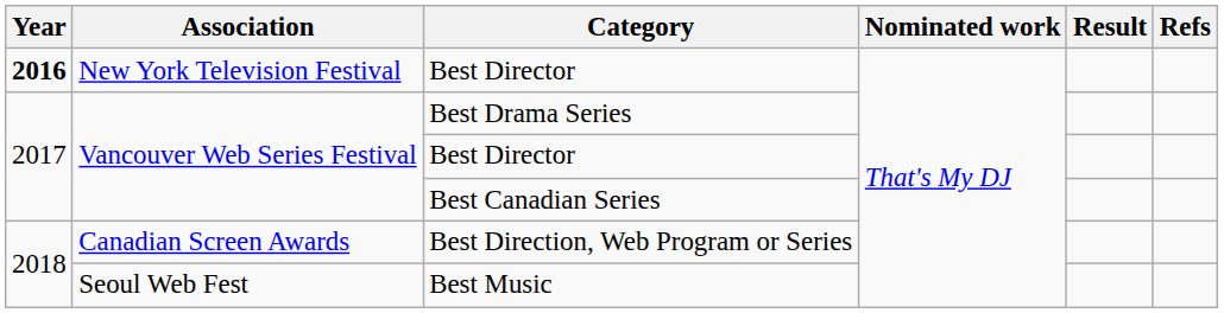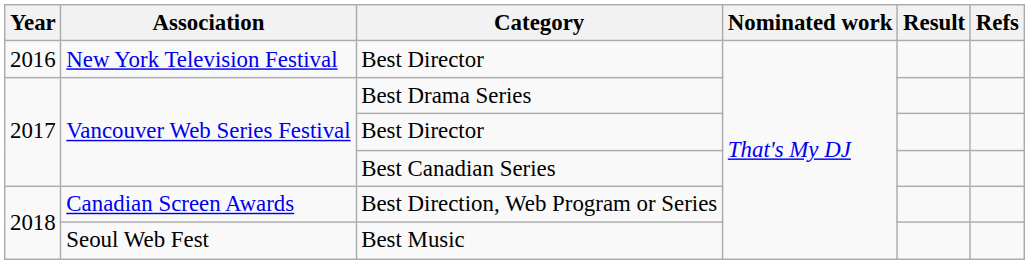 <table class="wikitable">
 <tr>
 <th>Year</th>
 <th>Association</th>
 <th>Category</th>
 <th>Nominated work</th>
 <th>Result</th>
 <th>Refs</th>
 </tr>
 <tr>
-<td><strong>2016</strong></td>
+<td>2016</td>
 <td rowspan="1"><a href='#'>New York Television Festival</a></td>
 <td>Best Director</td>
 <td rowspan="6"><em><a href='#'>That's My DJ</a></em></td>
 <td></td>
 <td></td>
 </tr>
 <tr>
 <td rowspan="3">2017</td>
 <td rowspan="3"><a href='#'>Vancouver Web Series Festival</a></td>
 <td>Best Drama Series</td>
 <td></td>
 <td></td>
 </tr>
 <tr>
 <td>Best Director</td>
 <td></td>
 <td></td>
 </tr>
 <tr>
 <td>Best Canadian Series</td>
 <td></td>
 <td></td>
 </tr>
 <tr>
 <td rowspan="2">2018</td>
 <td rowspan="1"><a href='#'>Canadian Screen Awards</a></td>
 <td>Best Direction, Web Program or Series</td>
 <td></td>
 <td></td>
 </tr>
 <tr>
 <td>Seoul Web Fest</td>
 <td>Best Music</td>
 <td></td>
 <td></td>
 </tr>
 </table>
